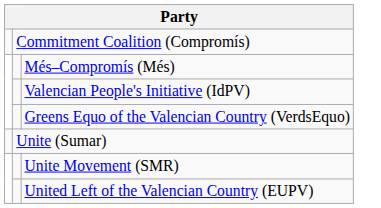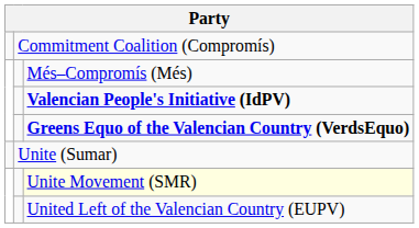 <table class="wikitable" style="text-align:left;">
 <tr>
 <th colspan="3">Party</th>
 </tr>
 <tr>
 <td width="1"></td>
 <td colspan="2"><a href='#'>Commitment Coalition</a> (Compromís)</td>
 </tr>
 <tr>
 <td rowspan="3" bgcolor="white"></td>
 <td width="1"></td>
 <td><a href='#'>Més–Compromís</a> (Més)</td>
 </tr>
 <tr>
 <td></td>
-<td><a href='#'>Valencian People's Initiative</a> (IdPV)</td>
+<td><strong><a href='#'>Valencian People's Initiative</a> (IdPV)</strong></td>
 </tr>
 <tr>
 <td></td>
-<td><a href='#'>Greens Equo of the Valencian Country</a> (VerdsEquo)</td>
+<td><strong><a href='#'>Greens Equo of the Valencian Country</a> (VerdsEquo)</strong></td>
 </tr>
 <tr>
 <td></td>
 <td colspan="2"><a href='#'>Unite</a> (Sumar)</td>
 </tr>
 <tr>
 <td rowspan="2" bgcolor="white"></td>
 <td></td>
-<td><a href='#'>Unite Movement</a> (SMR)</td>
+<td style="background: lightyellow;"><a href='#'>Unite Movement</a> (SMR)</td>
 </tr>
 <tr>
 <td></td>
 <td><a href='#'>United Left of the Valencian Country</a> (EUPV)</td>
 </tr>
 </table>
